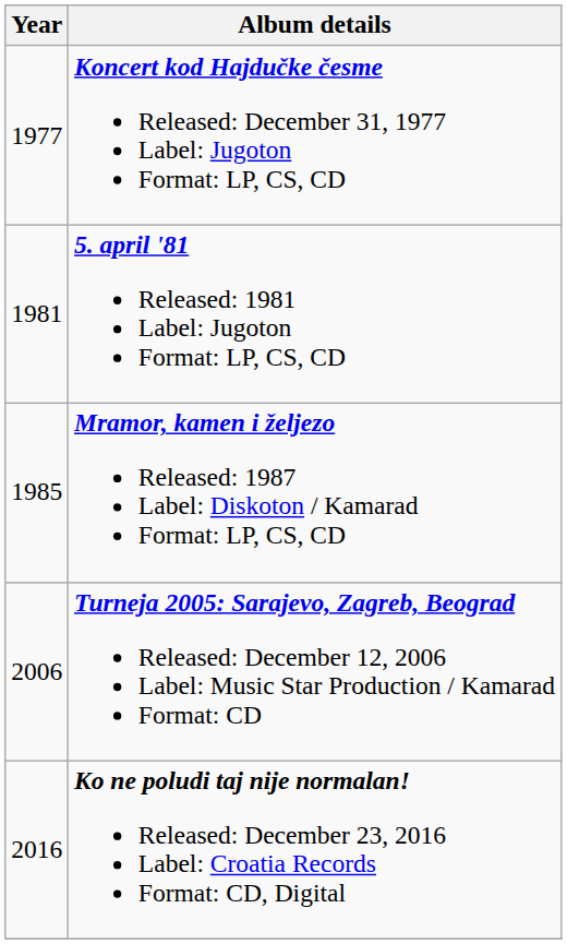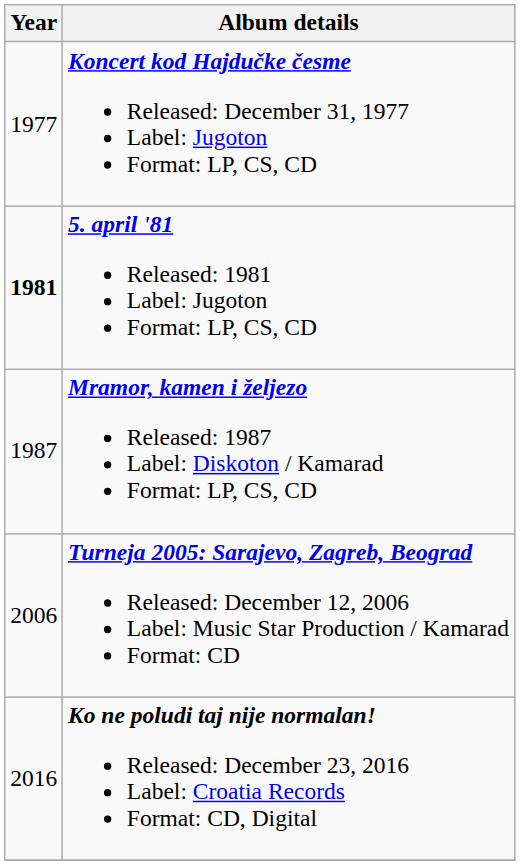 <table class ="wikitable">
 <tr>
 <th>Year</th>
 <th>Album details</th>
 </tr>
 <tr>
 <td align="center" rowspan="1">1977</td>
 <td><strong><em><a href='#'>Koncert kod Hajdučke česme</a></em></strong><br><ul><li>Released: December 31, 1977</li><li>Label: <a href='#'>Jugoton</a></li><li>Format: LP, CS, CD</li></ul></td>
 </tr>
 <tr>
-<td align="center" rowspan="1">1981</td>
+<td align="center" rowspan="1"><strong>1981</strong></td>
 <td><strong><em><a href='#'>5. april '81</a></em></strong><br><ul><li>Released: 1981</li><li>Label: Jugoton</li><li>Format: LP, CS, CD</li></ul></td>
 </tr>
 <tr>
-<td align="center" rowspan="1">1985</td>
+<td align="center" rowspan="1">1987</td>
 <td><strong><em><a href='#'>Mramor, kamen i željezo</a></em></strong><br><ul><li>Released: 1987</li><li>Label: <a href='#'>Diskoton</a> / Kamarad</li><li>Format: LP, CS, CD</li></ul></td>
 </tr>
 <tr>
 <td align="center" rowspan="1">2006</td>
 <td><strong><em><a href='#'>Turneja 2005: Sarajevo, Zagreb, Beograd</a></em></strong><br><ul><li>Released: December 12, 2006</li><li>Label: Music Star Production / Kamarad</li><li>Format: CD</li></ul></td>
 </tr>
 <tr>
 <td align="center" rowspan="1">2016</td>
 <td><strong><em>Ko ne poludi taj nije normalan!</em></strong><br><ul><li>Released: December 23, 2016</li><li>Label: <a href='#'>Croatia Records</a></li><li>Format: CD, Digital</li></ul></td>
 </tr>
 <tr>
 </tr>
 </table>
